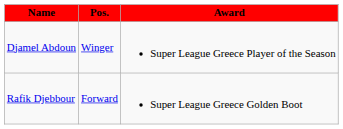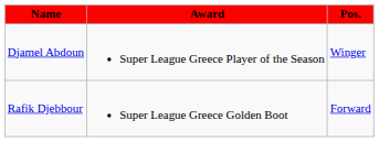 <table class="wikitable">
 <tr>
 <th style="background:#FF0000;">Name</th>
+<th style="background:#FF0000;"><strong>Award</strong></th>
 <th style="background:#FF0000;">Pos.</th>
-<th style="background:#FF0000;"><strong>Award</strong></th>
 </tr>
 <tr>
 <td> <a href='#'>Djamel Abdoun</a></td>
+<td><br><ul><li>Super League Greece Player of the Season</li></ul></td>
 <td><a href='#'>Winger</a></td>
-<td><br><ul><li>Super League Greece Player of the Season</li></ul></td>
 </tr>
 <tr>
 <td> <a href='#'>Rafik Djebbour</a></td>
+<td><br><ul><li>Super League Greece Golden Boot</li></ul></td>
 <td><a href='#'>Forward</a></td>
-<td><br><ul><li>Super League Greece Golden Boot</li></ul></td>
 </tr>
 </table>
